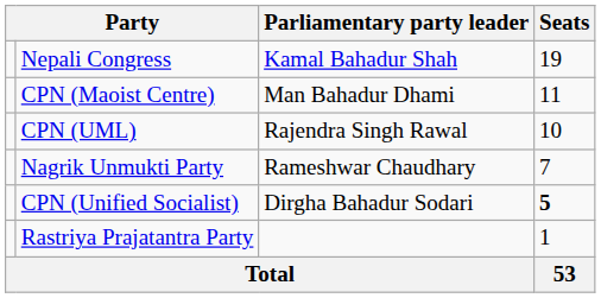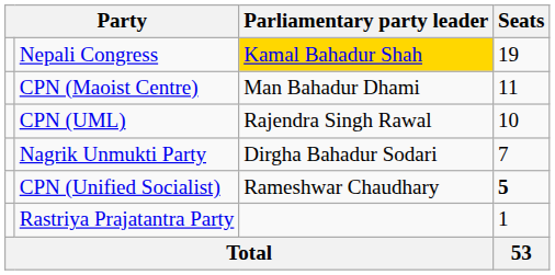 <table class="wikitable">
 <tr>
 <th colspan="2">Party</th>
 <th>Parliamentary party leader</th>
 <th>Seats</th>
 </tr>
 <tr>
 <td></td>
 <td><a href='#'>Nepali Congress</a></td>
-<td><a href='#'>Kamal Bahadur Shah</a></td>
+<td style="background: gold;"><a href='#'>Kamal Bahadur Shah</a></td>
 <td>19</td>
 </tr>
 <tr>
 <td></td>
 <td><a href='#'>CPN (Maoist Centre)</a></td>
 <td>Man Bahadur Dhami</td>
 <td>11</td>
 </tr>
 <tr>
 <td></td>
 <td><a href='#'>CPN (UML)</a></td>
 <td>Rajendra Singh Rawal</td>
 <td>10</td>
 </tr>
 <tr>
 <td></td>
 <td><a href='#'>Nagrik Unmukti Party</a></td>
-<td>Rameshwar Chaudhary</td>
+<td>Dirgha Bahadur Sodari</td>
 <td>7</td>
 </tr>
 <tr>
 <td></td>
 <td><a href='#'>CPN (Unified Socialist)</a></td>
-<td>Dirgha Bahadur Sodari</td>
+<td>Rameshwar Chaudhary</td>
 <td><strong>5</strong></td>
 </tr>
 <tr>
 <td></td>
 <td><a href='#'>Rastriya Prajatantra Party</a></td>
 <td></td>
 <td>1</td>
 </tr>
 <tr>
 <th colspan="3">Total</th>
 <th>53</th>
 </tr>
 </table>
